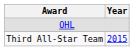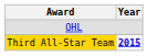 <table class="wikitable">
 <tr>
 <th>Award</th>
 <th>Year</th>
 </tr>
 <tr ALIGN="center" bgcolor="#e0e0e0">
 <td colspan="3"><a href='#'>OHL</a></td>
 </tr>
 <tr>
-<td>Third All-Star Team</td>
-<td><a href='#'>2015</a></td>
+<td style="background: gold;">Third All-Star Team</td>
+<td><strong><a href='#'>2015</a></strong></td>
 </tr>
 </table>
